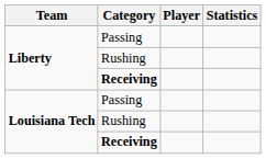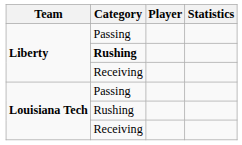 <table class="wikitable" style="float: right;">
 <tr>
 <th>Team</th>
 <th>Category</th>
 <th>Player</th>
 <th>Statistics</th>
 </tr>
 <tr>
 <td rowspan=3><strong>Liberty</strong></td>
 <td>Passing</td>
 <td></td>
 <td></td>
 </tr>
 <tr>
-<td>Rushing</td>
+<td><strong>Rushing</strong></td>
 <td></td>
 <td></td>
 </tr>
 <tr>
-<td><strong>Receiving</strong></td>
+<td>Receiving</td>
 <td></td>
 <td></td>
 </tr>
 <tr>
 <td rowspan=3><strong>Louisiana Tech</strong></td>
 <td>Passing</td>
 <td></td>
 <td></td>
 </tr>
 <tr>
 <td>Rushing</td>
 <td></td>
 <td></td>
 </tr>
 <tr>
-<td><strong>Receiving</strong></td>
+<td>Receiving</td>
 <td></td>
 <td></td>
 </tr>
 </table>
